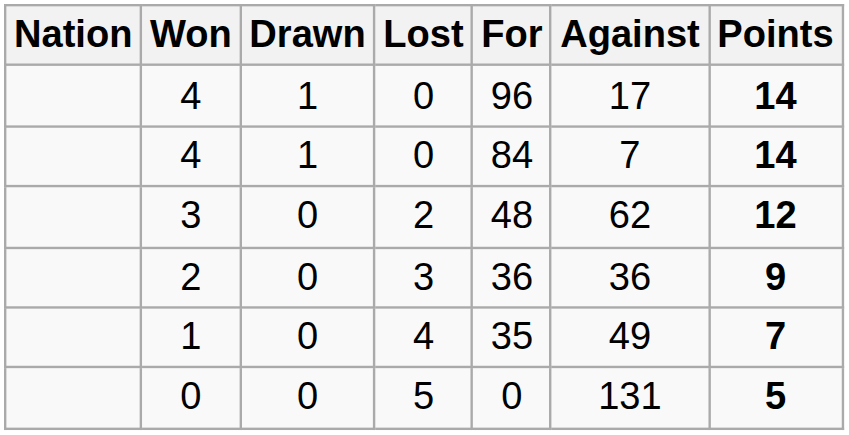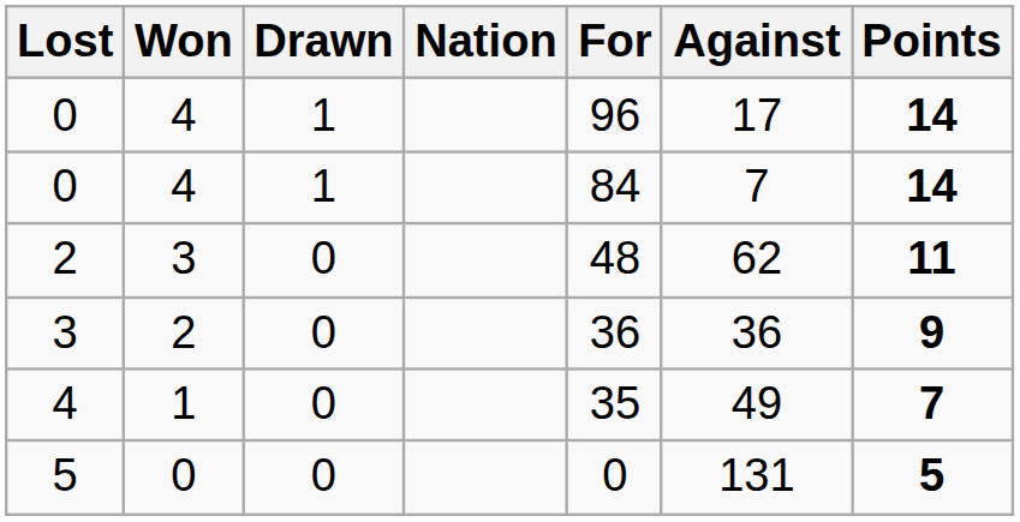 <table class="wikitable" style="text-align: center;">
 <tr>
-<th>Nation</th>
+<th>Lost</th>
 <th>Won</th>
 <th>Drawn</th>
-<th>Lost</th>
+<th>Nation</th>
 <th>For</th>
 <th>Against</th>
 <th>Points</th>
 </tr>
 <tr>
-<td align="left"></td>
+<td>0</td>
 <td>4</td>
 <td>1</td>
-<td>0</td>
+<td align="left"></td>
 <td>96</td>
 <td>17</td>
 <td><strong>14</strong></td>
 </tr>
 <tr>
-<td align="left"></td>
+<td>0</td>
 <td>4</td>
 <td>1</td>
-<td>0</td>
+<td align="left"></td>
 <td>84</td>
 <td>7</td>
 <td><strong>14</strong></td>
 </tr>
 <tr>
-<td align="left"></td>
+<td>2</td>
 <td>3</td>
 <td>0</td>
-<td>2</td>
+<td align="left"></td>
 <td>48</td>
 <td>62</td>
-<td><strong>12</strong></td>
+<td><strong>11</strong></td>
 </tr>
 <tr>
-<td align="left"></td>
+<td>3</td>
 <td>2</td>
 <td>0</td>
-<td>3</td>
+<td align="left"></td>
 <td>36</td>
 <td>36</td>
 <td><strong>9</strong></td>
 </tr>
 <tr>
-<td align="left"></td>
+<td>4</td>
 <td>1</td>
 <td>0</td>
-<td>4</td>
+<td align="left"></td>
 <td>35</td>
 <td>49</td>
 <td><strong>7</strong></td>
 </tr>
 <tr>
-<td align="left"></td>
+<td>5</td>
 <td>0</td>
 <td>0</td>
-<td>5</td>
+<td align="left"></td>
 <td>0</td>
 <td>131</td>
 <td><strong>5</strong></td>
 </tr>
 </table>
